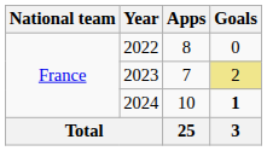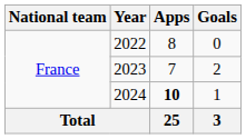 <table class="wikitable" style="text-align: center;">
 <tr>
 <th>National team</th>
 <th>Year</th>
 <th>Apps</th>
 <th>Goals</th>
 </tr>
 <tr>
 <td rowspan="3"><a href='#'>France</a></td>
 <td>2022</td>
 <td>8</td>
 <td>0</td>
 </tr>
 <tr>
 <td>2023</td>
 <td>7</td>
-<td style="background: khaki;">2</td>
+<td>2</td>
 </tr>
 <tr>
 <td>2024</td>
-<td>10</td>
-<td><strong>1</strong></td>
+<td><strong>10</strong></td>
+<td>1</td>
 </tr>
 <tr>
 <th colspan="2">Total</th>
 <th>25</th>
 <th>3</th>
 </tr>
 </table>
